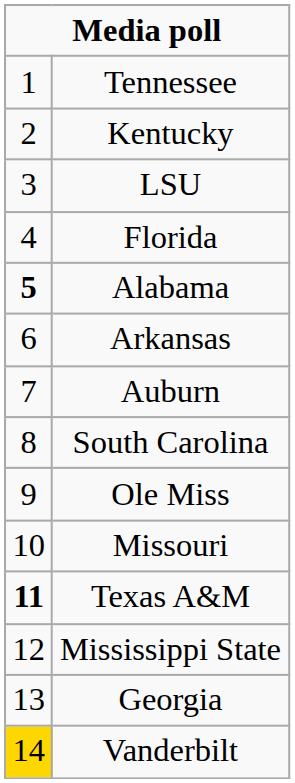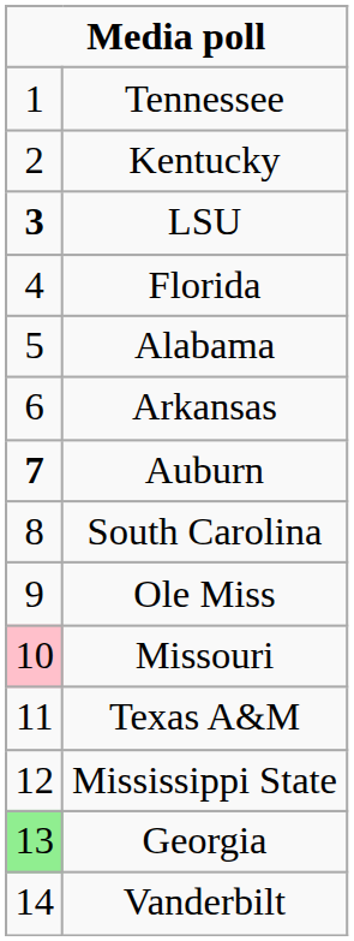 <table class="wikitable">
 <tr align="center">
 <td align="center" Colspan="3"><strong>Media poll</strong></td>
 </tr>
 <tr align="center">
 <td>1</td>
 <td>Tennessee</td>
 </tr>
 <tr align="center">
 <td>2</td>
 <td>Kentucky</td>
 </tr>
 <tr align="center">
-<td>3</td>
+<td><strong>3</strong></td>
 <td>LSU</td>
 </tr>
 <tr align="center">
 <td>4</td>
 <td>Florida</td>
 </tr>
 <tr align="center">
-<td><strong>5</strong></td>
+<td>5</td>
 <td>Alabama</td>
 </tr>
 <tr align="center">
 <td>6</td>
 <td>Arkansas</td>
 </tr>
 <tr align="center">
-<td>7</td>
+<td><strong>7</strong></td>
 <td>Auburn</td>
 </tr>
 <tr align="center">
 <td>8</td>
 <td>South Carolina</td>
 </tr>
 <tr align="center">
 <td>9</td>
 <td>Ole Miss</td>
 </tr>
 <tr align="center">
-<td>10</td>
+<td style="background: pink;">10</td>
 <td>Missouri</td>
 </tr>
 <tr align="center">
-<td><strong>11</strong></td>
+<td>11</td>
 <td>Texas A&M</td>
 </tr>
 <tr align="center">
 <td>12</td>
 <td>Mississippi State</td>
 </tr>
 <tr align="center">
-<td>13</td>
+<td style="background: lightgreen;">13</td>
 <td>Georgia</td>
 </tr>
 <tr align="center">
-<td style="background: gold;">14</td>
+<td>14</td>
 <td>Vanderbilt</td>
 </tr>
 </table>
